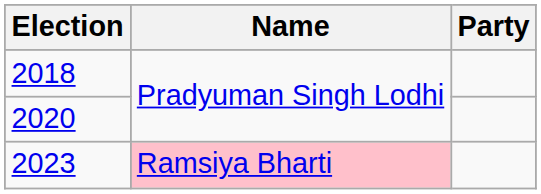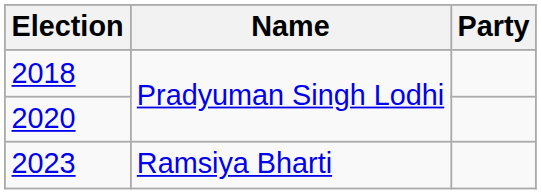 <table class="wikitable sortable">
 <tr>
 <th>Election</th>
 <th>Name</th>
 <th colspan=2>Party</th>
 </tr>
 <tr>
 <td><a href='#'>2018</a></td>
 <td rowspan=2><a href='#'>Pradyuman Singh Lodhi</a></td>
 <td></td>
 </tr>
 <tr>
 <td><a href='#'>2020</a></td>
 <td></td>
 </tr>
 <tr>
 <td><a href='#'>2023</a></td>
-<td style="background: pink;"><a href='#'>Ramsiya Bharti</a></td>
+<td><a href='#'>Ramsiya Bharti</a></td>
 <td></td>
 </tr>
 </table>
